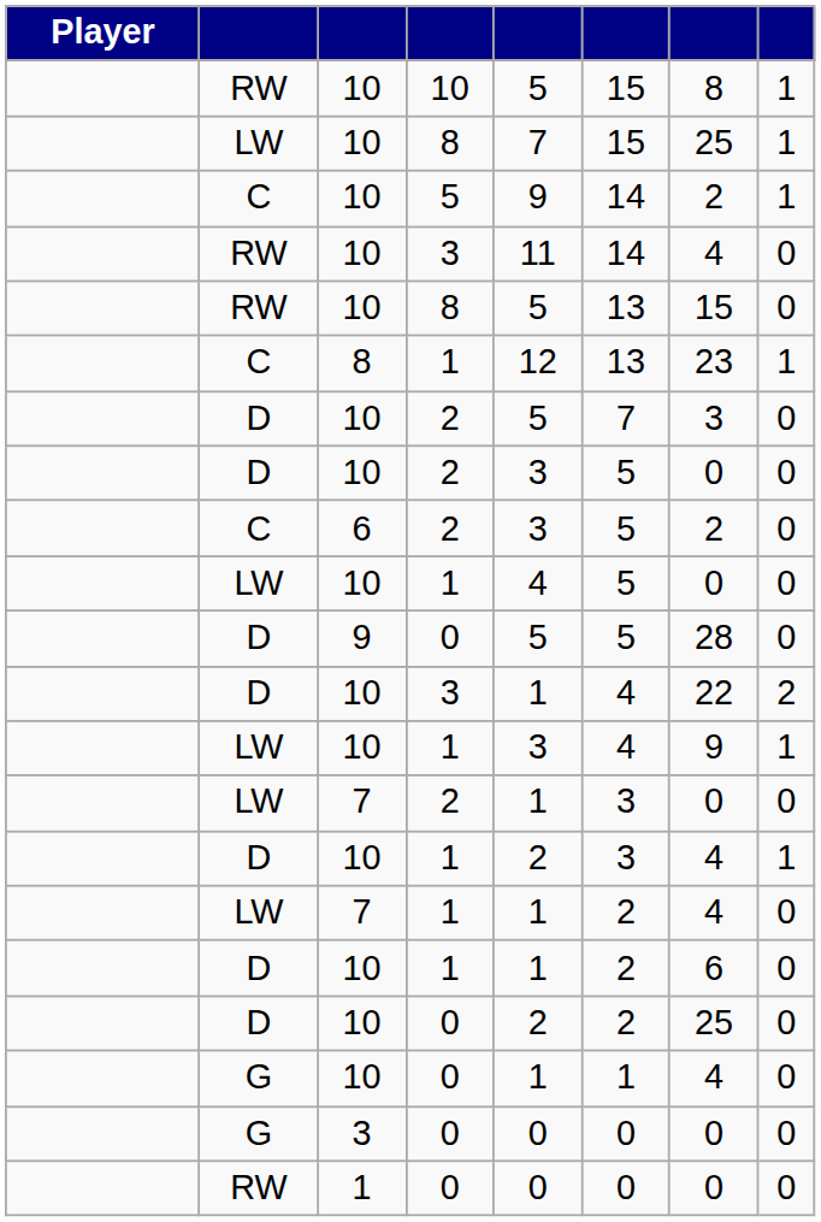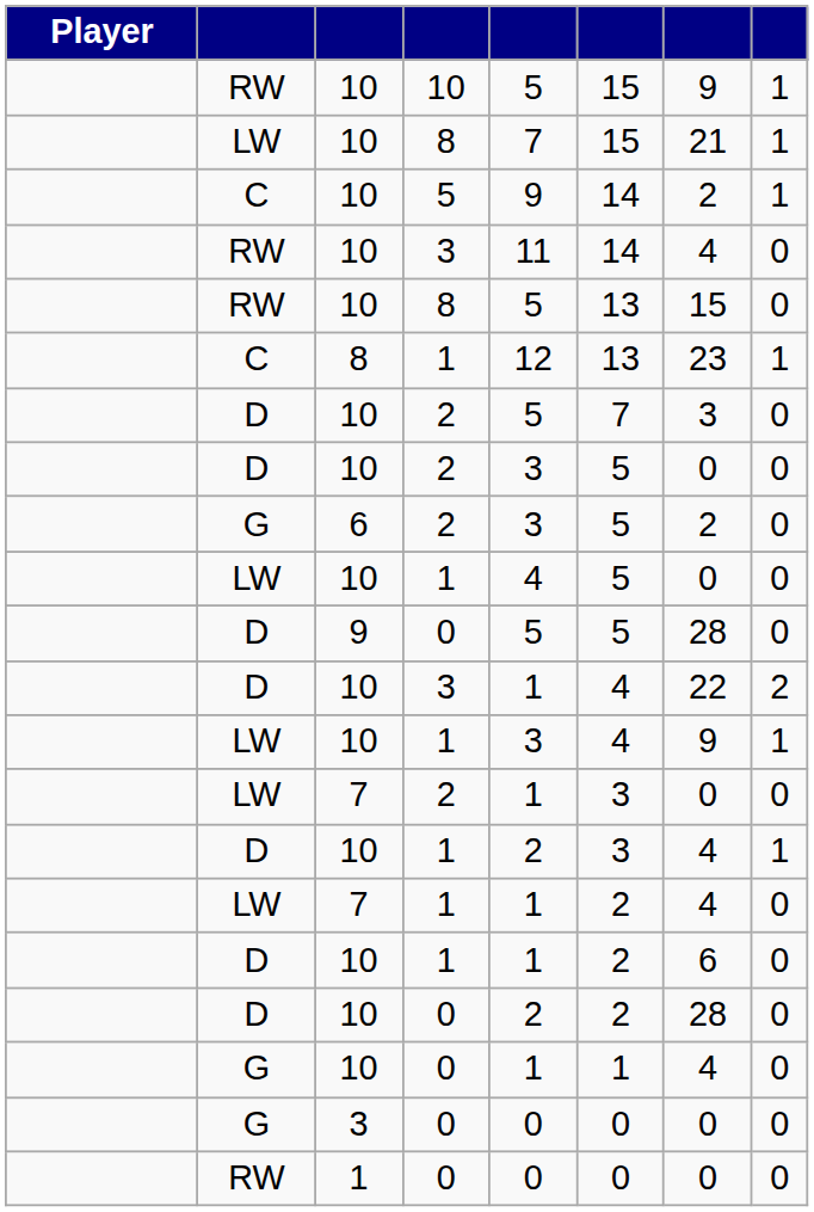 <table style="width:60%;" class="wikitable sortable">
 <tr align=center>
 <th style="color:white; background:#000084; ">Player</th>
 <th style="color:white; background:#000084; "></th>
 <th style="color:white; background:#000084; "></th>
 <th style="color:white; background:#000084; "></th>
 <th style="color:white; background:#000084; "></th>
 <th style="color:white; background:#000084; "></th>
 <th style="color:white; background:#000084; "></th>
 <th style="color:white; background:#000084; "></th>
 </tr>
 <tr>
 </tr>
 <tr style="text-align:center;">
 <td style="text-align:right;"></td>
 <td>RW</td>
 <td>10</td>
 <td>10</td>
 <td>5</td>
 <td>15</td>
-<td>8</td>
+<td>9</td>
 <td>1</td>
 </tr>
 <tr style="text-align:center;">
 <td style="text-align:right;"></td>
 <td>LW</td>
 <td>10</td>
 <td>8</td>
 <td>7</td>
 <td>15</td>
-<td>25</td>
+<td>21</td>
 <td>1</td>
 </tr>
 <tr style="text-align:center;">
 <td style="text-align:right;"></td>
 <td>C</td>
 <td>10</td>
 <td>5</td>
 <td>9</td>
 <td>14</td>
 <td>2</td>
 <td>1</td>
 </tr>
 <tr style="text-align:center;">
 <td style="text-align:right;"></td>
 <td>RW</td>
 <td>10</td>
 <td>3</td>
 <td>11</td>
 <td>14</td>
 <td>4</td>
 <td>0</td>
 </tr>
 <tr style="text-align:center;">
 <td style="text-align:right;"></td>
 <td>RW</td>
 <td>10</td>
 <td>8</td>
 <td>5</td>
 <td>13</td>
 <td>15</td>
 <td>0</td>
 </tr>
 <tr style="text-align:center;">
 <td style="text-align:right;"></td>
 <td>C</td>
 <td>8</td>
 <td>1</td>
 <td>12</td>
 <td>13</td>
 <td>23</td>
 <td>1</td>
 </tr>
 <tr style="text-align:center;">
 <td style="text-align:right;"></td>
 <td>D</td>
 <td>10</td>
 <td>2</td>
 <td>5</td>
 <td>7</td>
 <td>3</td>
 <td>0</td>
 </tr>
 <tr style="text-align:center;">
 <td style="text-align:right;"></td>
 <td>D</td>
 <td>10</td>
 <td>2</td>
 <td>3</td>
 <td>5</td>
 <td>0</td>
 <td>0</td>
 </tr>
 <tr style="text-align:center;">
 <td style="text-align:right;"></td>
-<td>C</td>
+<td>G</td>
 <td>6</td>
 <td>2</td>
 <td>3</td>
 <td>5</td>
 <td>2</td>
 <td>0</td>
 </tr>
 <tr style="text-align:center;">
 <td style="text-align:right;"></td>
 <td>LW</td>
 <td>10</td>
 <td>1</td>
 <td>4</td>
 <td>5</td>
 <td>0</td>
 <td>0</td>
 </tr>
 <tr style="text-align:center;">
 <td style="text-align:right;"></td>
 <td>D</td>
 <td>9</td>
 <td>0</td>
 <td>5</td>
 <td>5</td>
 <td>28</td>
 <td>0</td>
 </tr>
 <tr style="text-align:center;">
 <td style="text-align:right;"></td>
 <td>D</td>
 <td>10</td>
 <td>3</td>
 <td>1</td>
 <td>4</td>
 <td>22</td>
 <td>2</td>
 </tr>
 <tr style="text-align:center;">
 <td style="text-align:right;"></td>
 <td>LW</td>
 <td>10</td>
 <td>1</td>
 <td>3</td>
 <td>4</td>
 <td>9</td>
 <td>1</td>
 </tr>
 <tr style="text-align:center;">
 <td style="text-align:right;"></td>
 <td>LW</td>
 <td>7</td>
 <td>2</td>
 <td>1</td>
 <td>3</td>
 <td>0</td>
 <td>0</td>
 </tr>
 <tr style="text-align:center;">
 <td style="text-align:right;"></td>
 <td>D</td>
 <td>10</td>
 <td>1</td>
 <td>2</td>
 <td>3</td>
 <td>4</td>
 <td>1</td>
 </tr>
 <tr style="text-align:center;">
 <td style="text-align:right;"></td>
 <td>LW</td>
 <td>7</td>
 <td>1</td>
 <td>1</td>
 <td>2</td>
 <td>4</td>
 <td>0</td>
 </tr>
 <tr style="text-align:center;">
 <td style="text-align:right;"></td>
 <td>D</td>
 <td>10</td>
 <td>1</td>
 <td>1</td>
 <td>2</td>
 <td>6</td>
 <td>0</td>
 </tr>
 <tr style="text-align:center;">
 <td style="text-align:right;"></td>
 <td>D</td>
 <td>10</td>
 <td>0</td>
 <td>2</td>
 <td>2</td>
-<td>25</td>
+<td>28</td>
 <td>0</td>
 </tr>
 <tr style="text-align:center;">
 <td style="text-align:right;"></td>
 <td>G</td>
 <td>10</td>
 <td>0</td>
 <td>1</td>
 <td>1</td>
 <td>4</td>
 <td>0</td>
 </tr>
 <tr style="text-align:center;">
 <td style="text-align:right;"></td>
 <td>G</td>
 <td>3</td>
 <td>0</td>
 <td>0</td>
 <td>0</td>
 <td>0</td>
 <td>0</td>
 </tr>
 <tr style="text-align:center;">
 <td style="text-align:right;"></td>
 <td>RW</td>
 <td>1</td>
 <td>0</td>
 <td>0</td>
 <td>0</td>
 <td>0</td>
 <td>0</td>
 </tr>
 </table>
